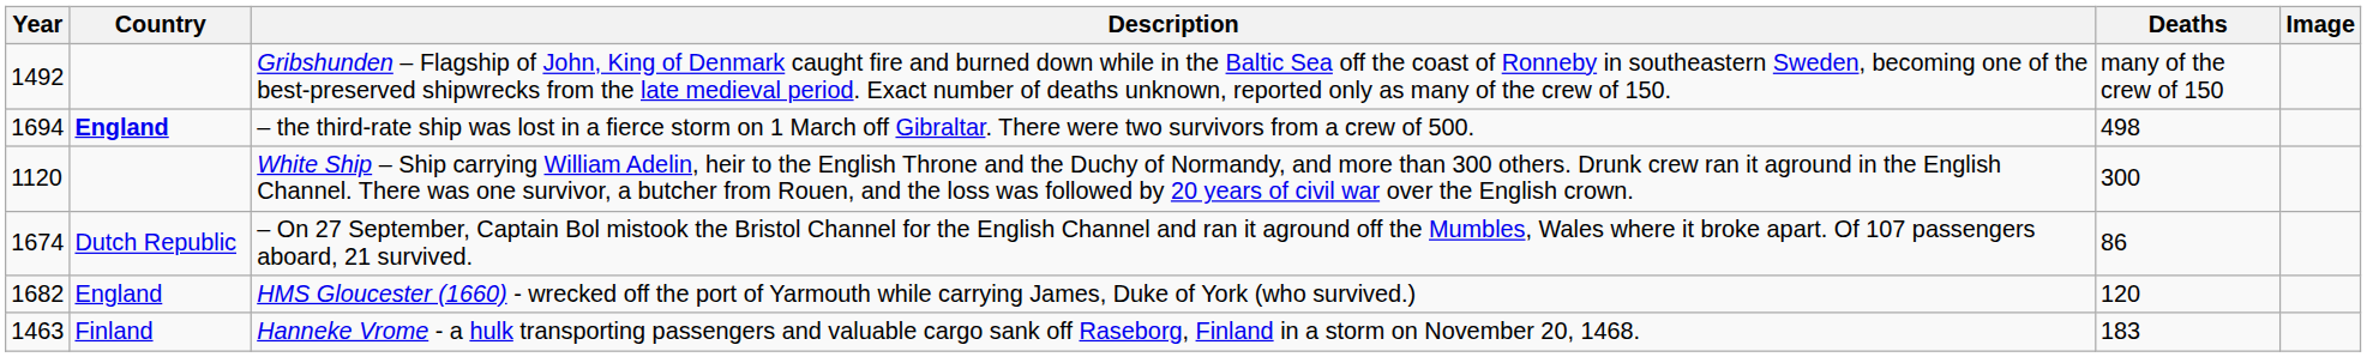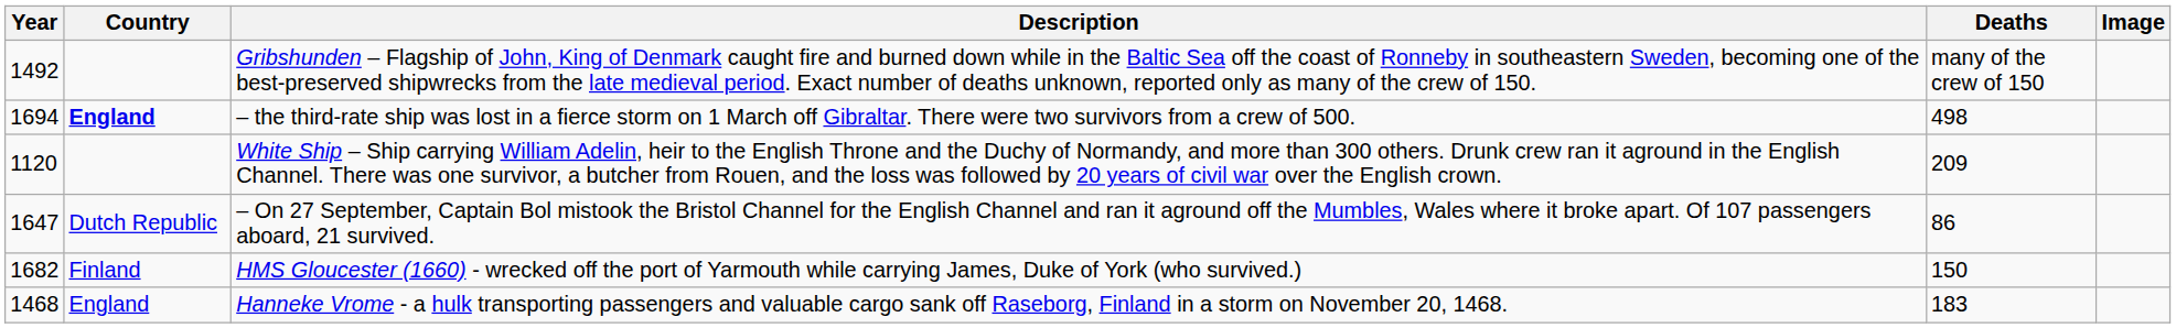 <table class="wikitable sortable" style="display: inline-table;width: 100%;">
 <tr>
 <th data-sort-type="number">Year</th>
 <th width=115px>Country</th>
 <th>Description</th>
 <th data-sort-type="number">Deaths</th>
 <th class="unsortable">Image</th>
 </tr>
 <tr>
 <td>1492</td>
 <td></td>
 <td><em><a href='#'>Gribshunden</a></em> – Flagship of <a href='#'>John, King of Denmark</a> caught fire and burned down while in the <a href='#'>Baltic Sea</a> off the coast of <a href='#'>Ronneby</a> in southeastern <a href='#'>Sweden</a>, becoming one of the best-preserved shipwrecks from the <a href='#'>late medieval period</a>. Exact number of deaths unknown, reported only as many of the crew of 150.</td>
 <td>many of the crew of 150</td>
 <td></td>
 </tr>
 <tr>
 <td>1694</td>
 <td><strong> <a href='#'>England</a></strong></td>
 <td> – the third-rate ship was lost in a fierce storm on 1 March off <a href='#'>Gibraltar</a>. There were two survivors from a crew of 500.</td>
 <td>498</td>
 <td></td>
 </tr>
 <tr>
 <td>1120</td>
 <td></td>
 <td><em><a href='#'>White Ship</a></em> – Ship carrying <a href='#'>William Adelin</a>, heir to the English Throne and the Duchy of Normandy, and more than 300 others. Drunk crew ran it aground in the English Channel. There was one survivor, a butcher from Rouen, and the loss was followed by <a href='#'>20 years of civil war</a> over the English crown.</td>
-<td>300</td>
+<td>209</td>
 <td></td>
 </tr>
 <tr>
-<td>1674</td>
+<td>1647</td>
 <td> <a href='#'>Dutch Republic</a></td>
 <td> – On 27 September, Captain Bol mistook the Bristol Channel for the English Channel and ran it aground off the <a href='#'>Mumbles</a>, Wales where it broke apart. Of 107 passengers aboard, 21 survived.</td>
 <td>86</td>
 <td></td>
 </tr>
 <tr>
 <td>1682</td>
-<td> <a href='#'>England</a></td>
+<td><a href='#'>Finland</a></td>
 <td><em><a href='#'>HMS Gloucester (1660)</a></em> - wrecked off the port of Yarmouth while carrying James, Duke of York (who survived.)</td>
-<td>120</td>
+<td>150</td>
 <td></td>
 </tr>
 <tr>
-<td>1463</td>
-<td><a href='#'>Finland</a></td>
+<td>1468</td>
+<td> <a href='#'>England</a></td>
 <td><em><a href='#'>Hanneke Vrome</a></em> - a <a href='#'>hulk</a> transporting passengers and valuable cargo sank off <a href='#'>Raseborg</a>, <a href='#'>Finland</a> in a storm on November 20, 1468.</td>
 <td>183</td>
 <td></td>
 </tr>
 </table>
